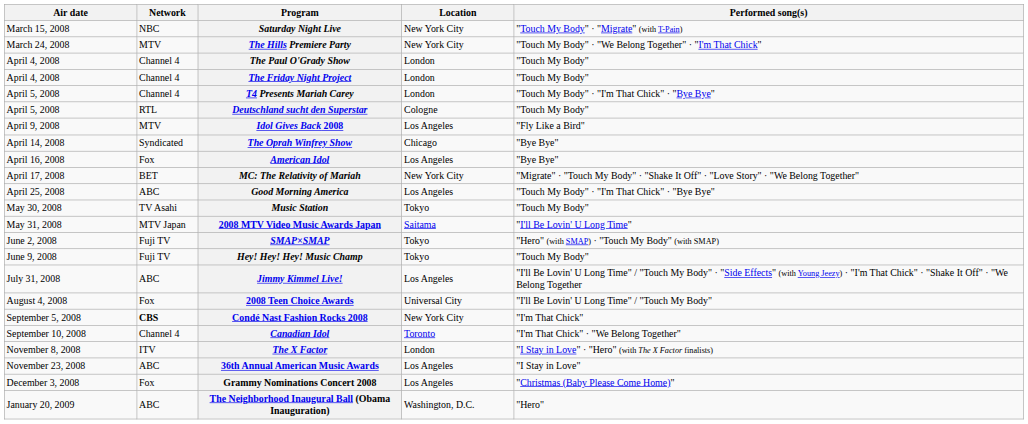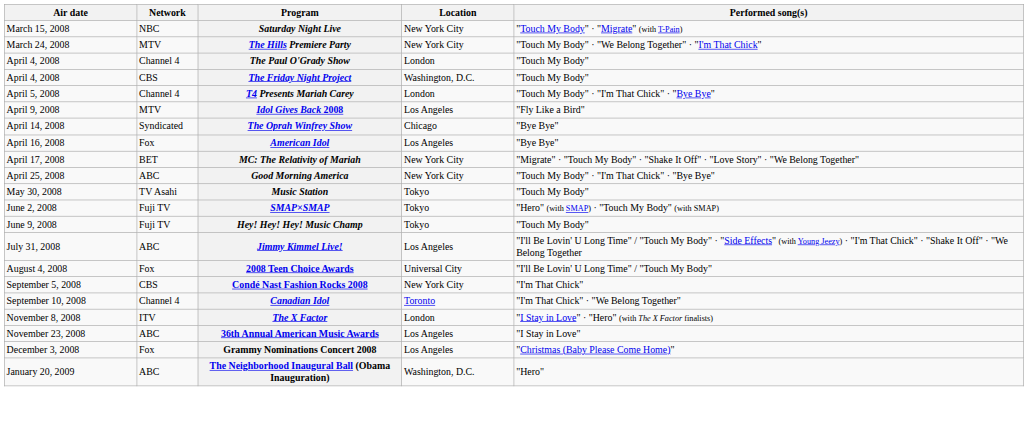 <table class="wikitable sortable plainrowheaders" style="font-size:95%;">
 <tr>
 <th style="width:13%;">Air date</th>
 <th style="width:6%;">Network</th>
 <th style="width:20%;">Program</th>
 <th style="width:11%;">Location</th>
 <th style="width:51%;">Performed song(s)</th>
 </tr>
 <tr>
 <td>March 15, 2008</td>
 <td>NBC</td>
 <th scope="row"><em>Saturday Night Live</em></th>
 <td>New York City</td>
 <td>"<a href='#'>Touch My Body</a>" · "<a href='#'>Migrate</a>" <small>(with <a href='#'>T-Pain</a>)</small></td>
 </tr>
 <tr>
 <td>March 24, 2008</td>
 <td>MTV</td>
 <th scope="row"><em><a href='#'>The Hills</a> Premiere Party</em></th>
 <td>New York City</td>
 <td>"Touch My Body" · "We Belong Together" · "<a href='#'>I'm That Chick</a>"</td>
 </tr>
 <tr>
 <td>April 4, 2008</td>
 <td>Channel 4</td>
 <th scope="row"><em>The Paul O'Grady Show</em></th>
 <td>London</td>
 <td>"Touch My Body"</td>
 </tr>
 <tr>
 <td>April 4, 2008</td>
-<td>Channel 4</td>
+<td>CBS</td>
 <th scope="row"><em><a href='#'>The Friday Night Project</a></em></th>
-<td>London</td>
+<td>Washington, D.C.</td>
 <td>"Touch My Body"</td>
 </tr>
 <tr>
 <td>April 5, 2008</td>
 <td>Channel 4</td>
 <th scope="row"><em><a href='#'>T4</a> Presents Mariah Carey</em></th>
 <td>London</td>
 <td>"Touch My Body" · "I'm That Chick" · "<a href='#'>Bye Bye</a>"</td>
-</tr>
-<tr>
-<td>April 5, 2008</td>
-<td>RTL</td>
-<th scope="row"><em><a href='#'>Deutschland sucht den Superstar</a></em></th>
-<td>Cologne</td>
-<td>"Touch My Body"</td>
 </tr>
 <tr>
 <td>April 9, 2008</td>
 <td>MTV</td>
 <th scope="row"><a href='#'><em>Idol Gives Back</em> 2008</a></th>
 <td>Los Angeles</td>
 <td>"Fly Like a Bird"</td>
 </tr>
 <tr>
 <td>April 14, 2008</td>
 <td>Syndicated</td>
 <th scope="row"><em><a href='#'>The Oprah Winfrey Show</a></em></th>
 <td>Chicago</td>
 <td>"Bye Bye"</td>
 </tr>
 <tr>
 <td>April 16, 2008</td>
 <td>Fox</td>
 <th scope="row"><em><a href='#'>American Idol</a></em></th>
 <td>Los Angeles</td>
 <td>"Bye Bye"</td>
 </tr>
 <tr>
 <td>April 17, 2008</td>
 <td>BET</td>
 <th scope="row"><em>MC: The Relativity of Mariah</em></th>
 <td>New York City</td>
 <td>"Migrate" · "Touch My Body" · "Shake It Off" · "Love Story" · "We Belong Together"</td>
 </tr>
 <tr>
 <td>April 25, 2008</td>
 <td>ABC</td>
 <th scope="row"><em>Good Morning America</em></th>
-<td>Los Angeles</td>
+<td>New York City</td>
 <td>"Touch My Body" · "I'm That Chick" · "Bye Bye"</td>
 </tr>
 <tr>
 <td>May 30, 2008</td>
 <td>TV Asahi</td>
 <th scope="row"><em>Music Station</em></th>
 <td>Tokyo</td>
 <td>"Touch My Body"</td>
-</tr>
-<tr>
-<td>May 31, 2008</td>
-<td>MTV Japan</td>
-<th scope="row"><a href='#'>2008 MTV Video Music Awards Japan</a></th>
-<td><a href='#'>Saitama</a></td>
-<td>"<a href='#'>I'll Be Lovin' U Long Time</a>"</td>
 </tr>
 <tr>
 <td>June 2, 2008</td>
 <td>Fuji TV</td>
 <th scope="row"><em><a href='#'>SMAP×SMAP</a></em></th>
 <td>Tokyo</td>
 <td>"Hero" <small>(with <a href='#'>SMAP</a>)</small> · "Touch My Body" <small>(with SMAP)</small></td>
 </tr>
 <tr>
 <td>June 9, 2008</td>
 <td>Fuji TV</td>
 <th scope="row"><em>Hey! Hey! Hey! Music Champ</em></th>
 <td>Tokyo</td>
 <td>"Touch My Body"</td>
 </tr>
 <tr>
 <td>July 31, 2008</td>
 <td>ABC</td>
 <th scope="row"><em><a href='#'>Jimmy Kimmel Live!</a></em></th>
 <td>Los Angeles</td>
 <td>"I'll Be Lovin' U Long Time" / "Touch My Body" · "<a href='#'>Side Effects</a>" <small>(with <a href='#'>Young Jeezy</a>)</small> · "I'm That Chick" · "Shake It Off" · "We Belong Together</td>
 </tr>
 <tr>
 <td>August 4, 2008</td>
 <td>Fox</td>
 <th scope="row"><a href='#'>2008 Teen Choice Awards</a></th>
 <td>Universal City</td>
 <td>"I'll Be Lovin' U Long Time" / "Touch My Body"</td>
 </tr>
 <tr>
 <td>September 5, 2008</td>
-<td><strong>CBS</strong></td>
+<td>CBS</td>
 <th scope="row"><a href='#'>Condé Nast Fashion Rocks 2008</a></th>
 <td>New York City</td>
 <td>"I'm That Chick"</td>
 </tr>
 <tr>
 <td>September 10, 2008</td>
 <td>Channel 4</td>
 <th scope="row"><em><a href='#'>Canadian Idol</a></em></th>
 <td><a href='#'>Toronto</a></td>
 <td>"I'm That Chick" · "We Belong Together"</td>
 </tr>
 <tr>
 <td>November 8, 2008</td>
 <td>ITV</td>
 <th scope="row"><em><a href='#'>The X Factor</a></em></th>
 <td>London</td>
 <td>"<a href='#'>I Stay in Love</a>" · "Hero" <small>(with <em>The X Factor</em> finalists)</small></td>
 </tr>
 <tr>
 <td>November 23, 2008</td>
 <td>ABC</td>
 <th scope="row"><a href='#'>36th Annual American Music Awards</a></th>
 <td>Los Angeles</td>
 <td>"I Stay in Love"</td>
 </tr>
 <tr>
 <td>December 3, 2008</td>
 <td>Fox</td>
 <th scope="row">Grammy Nominations Concert 2008</th>
 <td>Los Angeles</td>
 <td>"<a href='#'>Christmas (Baby Please Come Home)</a>"</td>
 </tr>
 <tr>
 <td>January 20, 2009</td>
 <td>ABC</td>
 <th scope="row"><a href='#'>The Neighborhood Inaugural Ball</a> (Obama Inauguration)</th>
 <td>Washington, D.C.</td>
 <td>"Hero"</td>
 </tr>
 </table>
